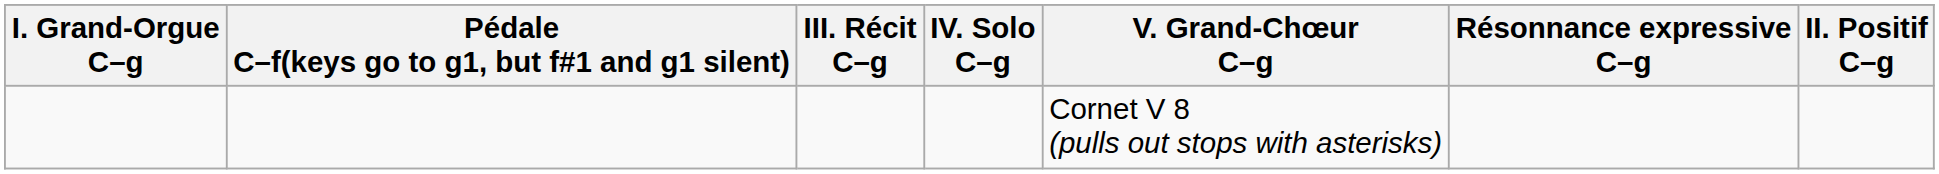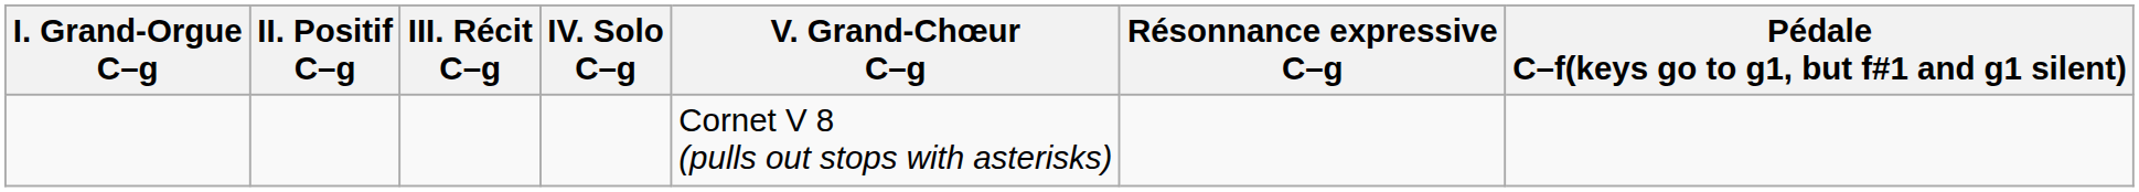 <table class="wikitable" style="font-size: 98%;">
 <tr>
 <th scope="col">I. Grand-Orgue<br>C–g</th>
-<th scope="col">Pédale<br>C–f(keys go to g1, but f#1 and g1 silent)</th>
+<th scope="col">II. Positif<br>C–g</th>
 <th scope="col">III. Récit<br>C–g</th>
 <th scope="col">IV. Solo<br>C–g</th>
 <th scope="col">V. Grand-Chœur<br>C–g</th>
 <th scope="col">Résonnance expressive<br>C–g</th>
-<th scope="col">II. Positif<br>C–g</th>
+<th scope="col">Pédale<br>C–f(keys go to g1, but f#1 and g1 silent)</th>
 </tr>
 <tr>
 <td style="vertical-align: top;"></td>
 <td style="vertical-align: top;"></td>
 <td style="vertical-align: top;"></td>
 <td style="vertical-align: top;"></td>
 <td style="vertical-align: top;">Cornet V 8<br><em>(pulls out stops with asterisks)</em></td>
 <td style="vertical-align: top;"></td>
 <td style="vertical-align: top;"></td>
 </tr>
 </table>
